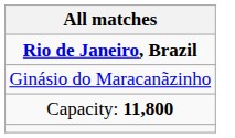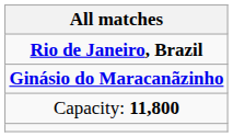 <table class="wikitable" style="text-align:center">
 <tr>
 <th>All matches</th>
 </tr>
 <tr>
 <td> <strong><a href='#'>Rio de Janeiro</a>, Brazil</strong></td>
 </tr>
 <tr>
-<td><a href='#'>Ginásio do Maracanãzinho</a></td>
+<td><strong><a href='#'>Ginásio do Maracanãzinho</a></strong></td>
 </tr>
 <tr>
 <td>Capacity: <strong>11,800</strong></td>
 </tr>
 <tr>
 <td></td>
 </tr>
 </table>
